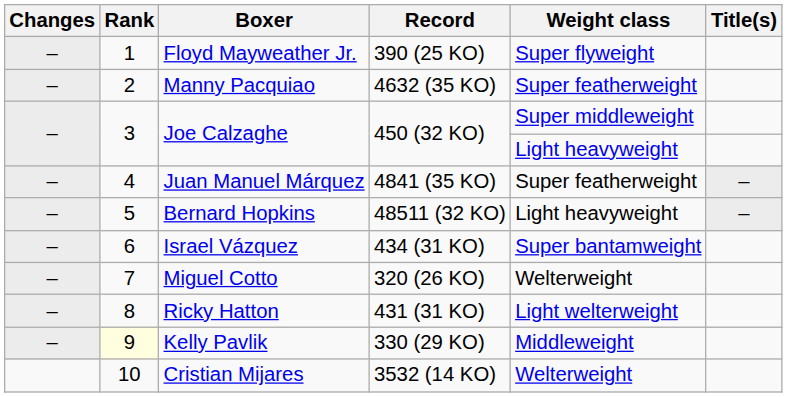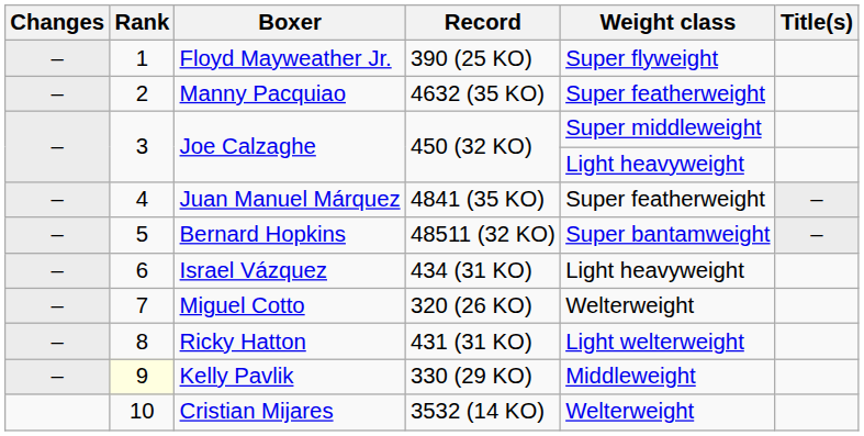 <table class="wikitable ">
 <tr>
 <th>Changes</th>
 <th>Rank</th>
 <th>Boxer</th>
 <th>Record</th>
 <th>Weight class</th>
 <th>Title(s)</th>
 </tr>
 <tr>
 <td align=center bgcolor=#ECECEC>–</td>
 <td align=center>1</td>
 <td><a href='#'>Floyd Mayweather Jr.</a></td>
 <td>390 (25 KO)</td>
 <td><a href='#'>Super flyweight</a></td>
 <td></td>
 </tr>
 <tr>
 <td align=center bgcolor=#ECECEC>–</td>
 <td align=center>2</td>
 <td><a href='#'>Manny Pacquiao</a></td>
 <td>4632 (35 KO)</td>
 <td><a href='#'>Super featherweight</a></td>
 <td></td>
 </tr>
 <tr>
 <td rowspan=2 align=center bgcolor=#ECECEC>–</td>
 <td rowspan=2 align=center>3</td>
 <td rowspan=2><a href='#'>Joe Calzaghe</a></td>
 <td rowspan=2>450 (32 KO)</td>
 <td><a href='#'>Super middleweight</a></td>
 <td></td>
 </tr>
 <tr>
 <td><a href='#'>Light heavyweight</a></td>
 <td></td>
 </tr>
 <tr>
 <td align=center bgcolor=#ECECEC>–</td>
 <td align=center>4</td>
 <td><a href='#'>Juan Manuel Márquez</a></td>
 <td>4841 (35 KO)</td>
 <td>Super featherweight</td>
 <td align=center bgcolor=#ECECEC data-sort-value="Z">–</td>
 </tr>
 <tr>
 <td align=center bgcolor=#ECECEC>–</td>
 <td align=center>5</td>
 <td><a href='#'>Bernard Hopkins</a></td>
 <td>48511 (32 KO)</td>
-<td>Light heavyweight</td>
+<td><a href='#'>Super bantamweight</a></td>
 <td align=center bgcolor=#ECECEC data-sort-value="Z">–</td>
 </tr>
 <tr>
 <td align=center bgcolor=#ECECEC>–</td>
 <td align=center>6</td>
 <td><a href='#'>Israel Vázquez</a></td>
 <td>434 (31 KO)</td>
-<td><a href='#'>Super bantamweight</a></td>
+<td>Light heavyweight</td>
 <td></td>
 </tr>
 <tr>
 <td align=center bgcolor=#ECECEC>–</td>
 <td align=center>7</td>
 <td><a href='#'>Miguel Cotto</a></td>
 <td>320 (26 KO)</td>
 <td>Welterweight</td>
 <td></td>
 </tr>
 <tr>
 <td align=center bgcolor=#ECECEC>–</td>
 <td align=center>8</td>
 <td><a href='#'>Ricky Hatton</a></td>
 <td>431 (31 KO)</td>
 <td><a href='#'>Light welterweight</a></td>
 <td></td>
 </tr>
 <tr>
 <td align=center bgcolor=#ECECEC>–</td>
 <td align=center style="background: lightyellow;">9</td>
 <td><a href='#'>Kelly Pavlik</a></td>
 <td>330 (29 KO)</td>
 <td><a href='#'>Middleweight</a></td>
 <td></td>
 </tr>
 <tr>
 <td align=center></td>
 <td align=center>10</td>
 <td><a href='#'>Cristian Mijares</a></td>
 <td>3532 (14 KO)</td>
 <td><a href='#'>Welterweight</a></td>
 <td></td>
 </tr>
 </table>
